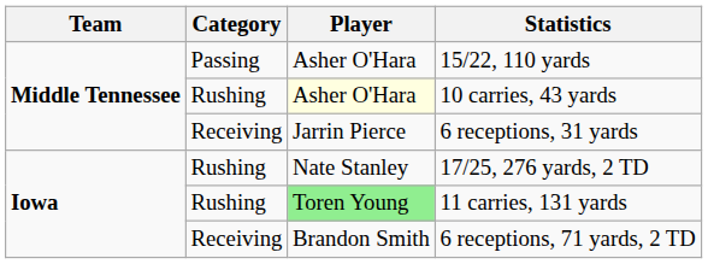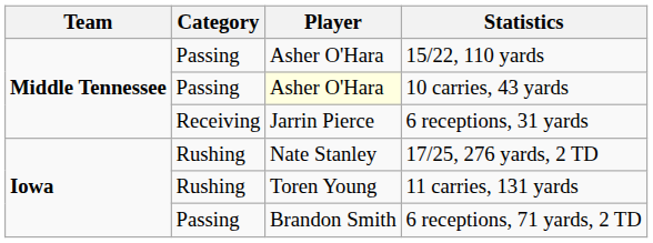 <table class="wikitable" style="float: left;">
 <tr>
 <th>Team</th>
 <th>Category</th>
 <th>Player</th>
 <th>Statistics</th>
 </tr>
 <tr>
 <td rowspan=3><strong>Middle Tennessee</strong></td>
 <td>Passing</td>
 <td>Asher O'Hara</td>
 <td>15/22, 110 yards</td>
 </tr>
 <tr>
-<td>Rushing</td>
+<td>Passing</td>
 <td style="background: lightyellow;">Asher O'Hara</td>
 <td>10 carries, 43 yards</td>
 </tr>
 <tr>
 <td>Receiving</td>
 <td>Jarrin Pierce</td>
 <td>6 receptions, 31 yards</td>
 </tr>
 <tr>
 <td rowspan=3><strong>Iowa</strong></td>
 <td>Rushing</td>
 <td>Nate Stanley</td>
 <td>17/25, 276 yards, 2 TD</td>
 </tr>
 <tr>
 <td>Rushing</td>
-<td style="background: lightgreen;">Toren Young</td>
+<td>Toren Young</td>
 <td>11 carries, 131 yards</td>
 </tr>
 <tr>
-<td>Receiving</td>
+<td>Passing</td>
 <td>Brandon Smith</td>
 <td>6 receptions, 71 yards, 2 TD</td>
 </tr>
 </table>
